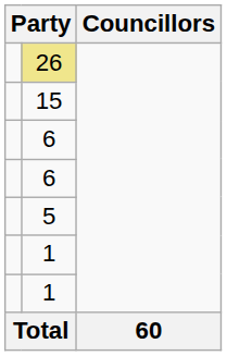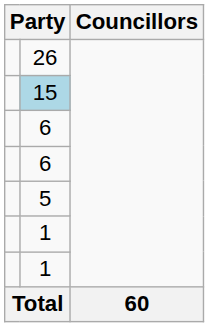 <table class="wikitable">
 <tr>
 <th colspan=2>Party</th>
 <th>Councillors</th>
 </tr>
 <tr>
 <td></td>
-<td align=center style="background: khaki;">26</td>
+<td align=center>26</td>
 </tr>
 <tr>
 <td></td>
-<td align=center>15</td>
+<td align=center style="background: lightblue;">15</td>
 </tr>
 <tr>
 <td></td>
 <td align=center>6</td>
 </tr>
 <tr>
 <td></td>
 <td align=center>6</td>
 </tr>
 <tr>
 <td></td>
 <td align=center>5</td>
 </tr>
 <tr>
 <td></td>
 <td align=center>1</td>
 </tr>
 <tr>
 <td></td>
 <td align=center>1</td>
 </tr>
 <tr>
 <th colspan=2>Total</th>
 <th align=center>60</th>
 </tr>
 </table>
